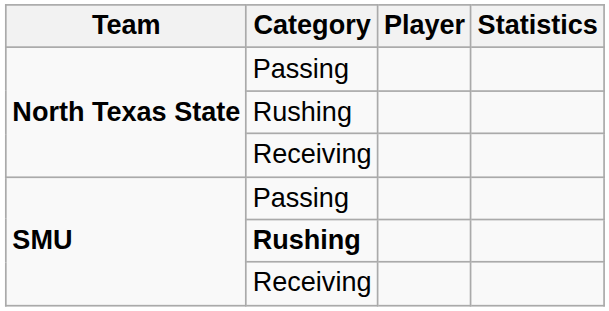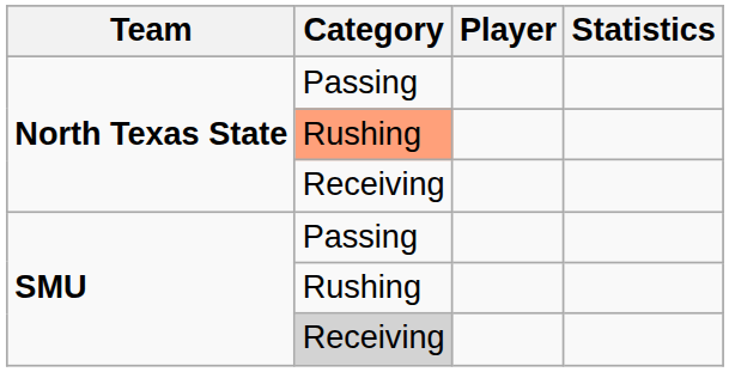 <table class="wikitable" style="float: right;">
 <tr>
 <th>Team</th>
 <th>Category</th>
 <th>Player</th>
 <th>Statistics</th>
 </tr>
 <tr>
 <td rowspan=3><strong>North Texas State</strong></td>
 <td>Passing</td>
 <td></td>
 <td></td>
 </tr>
 <tr>
-<td>Rushing</td>
+<td style="background: lightsalmon;">Rushing</td>
 <td></td>
 <td></td>
 </tr>
 <tr>
 <td>Receiving</td>
 <td></td>
 <td></td>
 </tr>
 <tr>
 <td rowspan=3><strong>SMU</strong></td>
 <td>Passing</td>
 <td></td>
 <td></td>
 </tr>
 <tr>
-<td><strong>Rushing</strong></td>
+<td>Rushing</td>
 <td></td>
 <td></td>
 </tr>
 <tr>
-<td>Receiving</td>
+<td style="background: lightgrey;">Receiving</td>
 <td></td>
 <td></td>
 </tr>
 </table>
